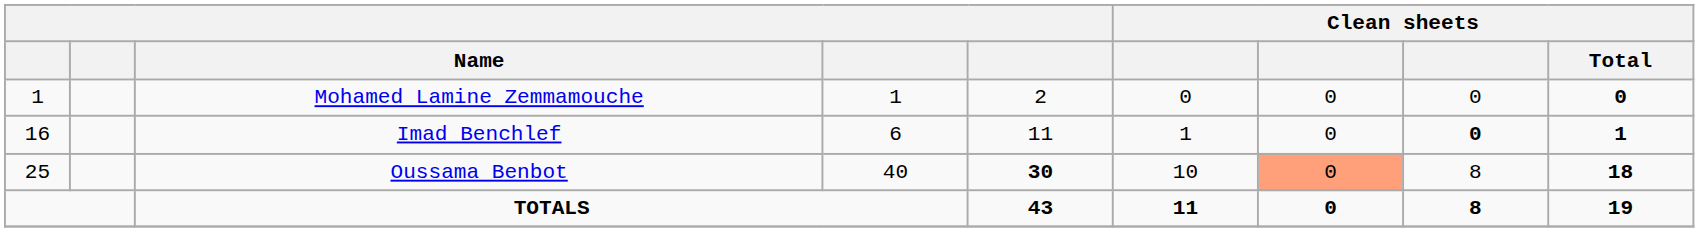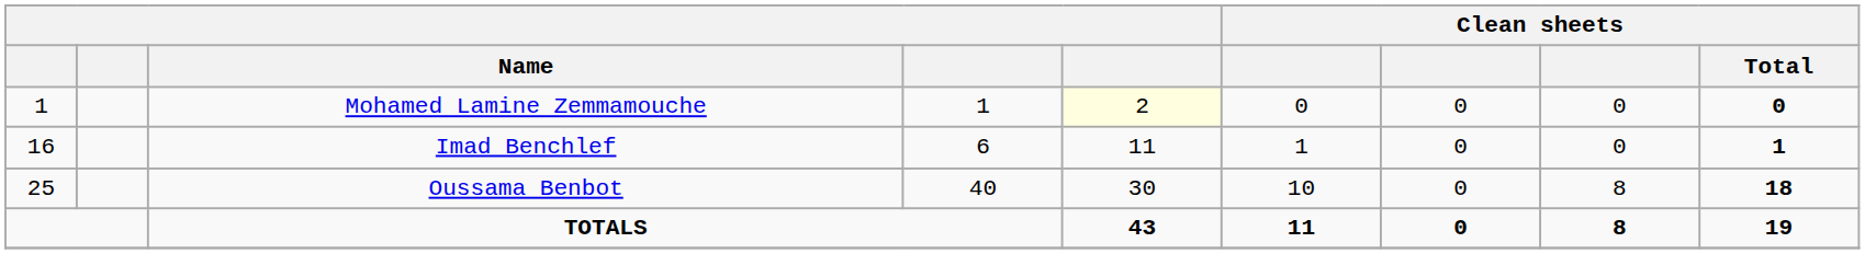 <table class="wikitable sortable alternance"  style="font-size:85%; text-align:center; line-height:14px; width:70%;">
 <tr>
 <th colspan="5"></th>
 <th colspan="4">Clean sheets</th>
 </tr>
 <tr>
 <th width=15></th>
 <th width=15></th>
 <th width=210>Name</th>
 <th width=40></th>
 <th width=40></th>
 <th width=40></th>
 <th width=40></th>
 <th width=40></th>
 <th width=40>Total</th>
 </tr>
 <tr>
 <td>1</td>
 <td></td>
 <td><a href='#'>Mohamed Lamine Zemmamouche</a></td>
 <td>1</td>
-<td>2</td>
+<td style="background: lightyellow;">2</td>
 <td>0</td>
 <td>0</td>
 <td>0</td>
 <td><strong>0</strong></td>
 </tr>
 <tr>
 <td>16</td>
 <td></td>
 <td><a href='#'>Imad Benchlef</a></td>
 <td>6</td>
 <td>11</td>
 <td>1</td>
 <td>0</td>
-<td><strong>0</strong></td>
+<td>0</td>
 <td><strong>1</strong></td>
 </tr>
 <tr>
 <td>25</td>
 <td></td>
 <td><a href='#'>Oussama Benbot</a></td>
 <td>40</td>
-<td><strong>30</strong></td>
+<td>30</td>
 <td>10</td>
-<td style="background: lightsalmon;">0</td>
+<td>0</td>
 <td>8</td>
 <td><strong>18</strong></td>
 </tr>
 <tr>
 <td colspan="2"></td>
 <td colspan="2"><strong>TOTALS</strong></td>
 <td><strong>43</strong></td>
 <td><strong>11</strong></td>
 <td><strong>0</strong></td>
 <td><strong>8</strong></td>
 <td><strong>19</strong></td>
 </tr>
 <tr>
 </tr>
 </table>
